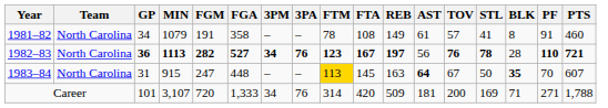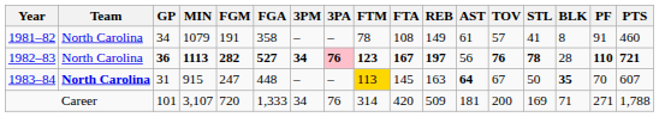 <table class="wikitable sortable">
 <tr>
 <th>Year</th>
 <th>Team</th>
 <th>GP</th>
 <th>MIN</th>
 <th>FGM</th>
 <th>FGA</th>
 <th>3PM</th>
 <th>3PA</th>
 <th>FTM</th>
 <th>FTA</th>
 <th>REB</th>
 <th>AST</th>
 <th>TOV</th>
 <th>STL</th>
 <th>BLK</th>
 <th>PF</th>
 <th>PTS</th>
 </tr>
 <tr>
 <td style="text-align:left;"><a href='#'>1981–82</a></td>
 <td style="text-align:left;"><a href='#'>North Carolina</a></td>
 <td>34</td>
 <td>1079</td>
 <td>191</td>
 <td>358</td>
 <td>–</td>
 <td>–</td>
 <td>78</td>
 <td>108</td>
 <td>149</td>
 <td>61</td>
 <td>57</td>
 <td>41</td>
 <td>8</td>
 <td>91</td>
 <td>460</td>
 </tr>
 <tr>
 <td style="text-align:left;"><a href='#'>1982–83</a></td>
 <td style="text-align:left;"><a href='#'>North Carolina</a></td>
 <td><strong>36</strong></td>
 <td><strong>1113</strong></td>
 <td><strong>282</strong></td>
 <td><strong>527</strong></td>
 <td><strong>34</strong></td>
-<td><strong>76</strong></td>
+<td style="background: pink;"><strong>76</strong></td>
 <td><strong>123</strong></td>
 <td><strong>167</strong></td>
 <td><strong>197</strong></td>
 <td>56</td>
 <td><strong>76</strong></td>
 <td><strong>78</strong></td>
 <td>28</td>
 <td><strong>110</strong></td>
 <td><strong>721</strong></td>
 </tr>
 <tr>
 <td style="text-align:left;"><a href='#'>1983–84</a></td>
-<td style="text-align:left;"><a href='#'>North Carolina</a></td>
+<td style="text-align:left;"><strong><a href='#'>North Carolina</a></strong></td>
 <td>31</td>
 <td>915</td>
 <td>247</td>
 <td>448</td>
 <td>–</td>
 <td>–</td>
 <td style="background: gold;">113</td>
 <td>145</td>
 <td>163</td>
 <td><strong>64</strong></td>
 <td>67</td>
 <td>50</td>
 <td><strong>35</strong></td>
 <td>70</td>
 <td>607</td>
 </tr>
 <tr>
 <td align="center" colspan=2>Career</td>
 <td>101</td>
 <td>3,107</td>
 <td>720</td>
 <td>1,333</td>
 <td>34</td>
 <td>76</td>
 <td>314</td>
 <td>420</td>
 <td>509</td>
 <td>181</td>
 <td>200</td>
 <td>169</td>
 <td>71</td>
 <td>271</td>
 <td>1,788</td>
 </tr>
 </table>
